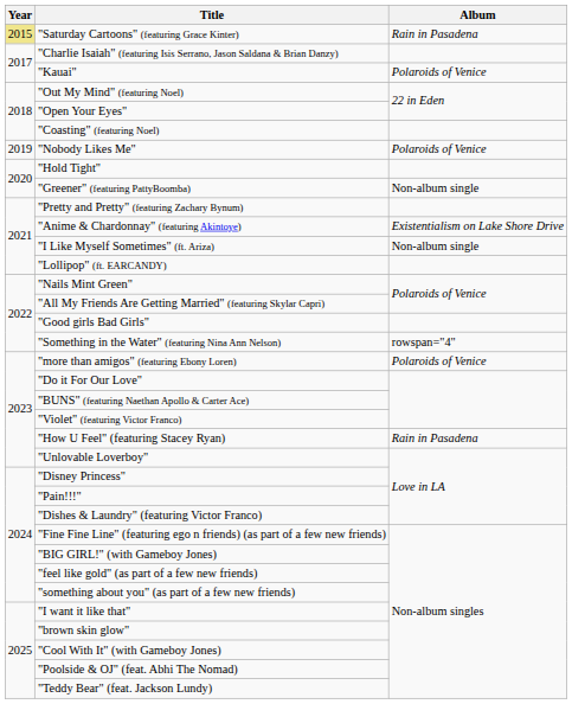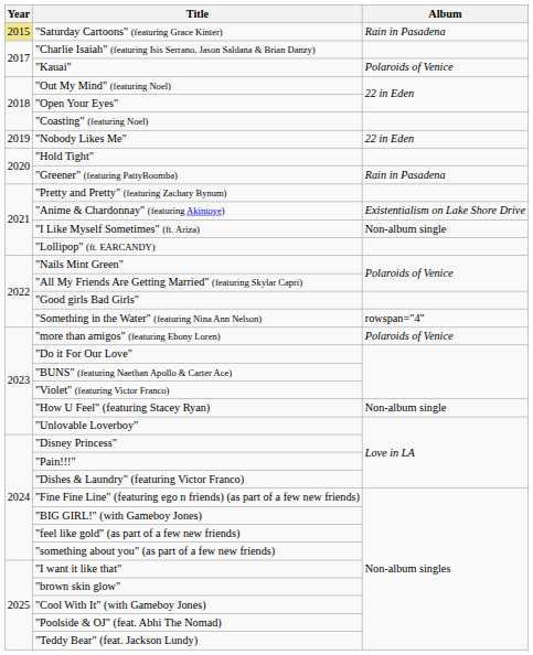 <table class="wikitable">
 <tr>
 <th>Year</th>
 <th>Title</th>
 <th>Album</th>
 </tr>
 <tr>
 <td style="background: khaki;">2015</td>
 <td>"Saturday Cartoons" <small>(featuring Grace Kinter)</small></td>
 <td><em>Rain in Pasadena</em></td>
 </tr>
 <tr>
 <td rowspan="2">2017</td>
 <td>"Charlie Isaiah" <small>(featuring Isis Serrano, Jason Saldana & Brian Danzy)</small></td>
 <td></td>
 </tr>
 <tr>
 <td>"Kauai"</td>
 <td><em>Polaroids of Venice</em></td>
 </tr>
 <tr>
 <td rowspan="3">2018</td>
 <td>"Out My Mind" <small>(featuring Noel)</small></td>
 <td rowspan="2"><em>22 in Eden</em></td>
 </tr>
 <tr>
 <td>"Open Your Eyes"</td>
 </tr>
 <tr>
 <td>"Coasting" <small>(featuring Noel)</small></td>
 <td></td>
 </tr>
 <tr>
 <td>2019</td>
 <td>"Nobody Likes Me"</td>
-<td><em>Polaroids of Venice</em></td>
+<td><em>22 in Eden</em></td>
 </tr>
 <tr>
 <td rowspan="2">2020</td>
 <td>"Hold Tight"</td>
 <td></td>
 </tr>
 <tr>
 <td>"Greener" <small>(featuring PattyBoomba)</small></td>
-<td>Non-album single</td>
+<td><em>Rain in Pasadena</em></td>
 </tr>
 <tr>
 <td rowspan="4">2021</td>
 <td>"Pretty and Pretty" <small>(featuring Zachary Bynum)</small></td>
 <td></td>
 </tr>
 <tr>
 <td>"Anime & Chardonnay" <small>(featuring <a href='#'>Akintoye</a>)</small></td>
 <td><em>Existentialism on Lake Shore Drive</em></td>
 </tr>
 <tr>
 <td>"I Like Myself Sometimes" <small>(ft. Ariza)</small></td>
 <td>Non-album single</td>
 </tr>
 <tr>
 <td>"Lollipop" <small>(ft. EARCANDY)</small></td>
 </tr>
 <tr>
 <td rowspan="4">2022</td>
 <td>"Nails Mint Green"</td>
 <td rowspan="2"><em>Polaroids of Venice</em></td>
 </tr>
 <tr>
 <td>"All My Friends Are Getting Married" <small>(featuring Skylar Capri)</small></td>
 </tr>
 <tr>
 <td>"Good girls Bad Girls"</td>
 <td></td>
 </tr>
 <tr>
 <td>"Something in the Water" <small>(featuring Nina Ann Nelson)</small></td>
 <td>rowspan="4" </td>
 </tr>
 <tr>
 <td rowspan="6">2023</td>
 <td>"more than amigos" <small>(featuring Ebony Loren)</small></td>
 <td><em>Polaroids of Venice</em></td>
 </tr>
 <tr>
 <td>"Do it For Our Love"</td>
 </tr>
 <tr>
 <td>"BUNS" <small>(featuring Naethan Apollo & Carter Ace)</small></td>
 </tr>
 <tr>
 <td>"Violet" <small>(featuring Victor Franco)</small></td>
 </tr>
 <tr>
 <td>"How U Feel" (featuring Stacey Ryan)</td>
-<td><em>Rain in Pasadena</em></td>
+<td>Non-album single</td>
 </tr>
 <tr>
 <td>"Unlovable Loverboy"</td>
 <td rowspan="4"><em>Love in LA</em></td>
 </tr>
 <tr>
 <td rowspan="7">2024</td>
 <td>"Disney Princess"</td>
 </tr>
 <tr>
 <td>"Pain!!!"</td>
 </tr>
 <tr>
 <td>"Dishes & Laundry" (featuring Victor Franco)</td>
 </tr>
 <tr>
 <td>"Fine Fine Line" (featuring ego n friends) (as part of a few new friends)</td>
 <td rowspan="9">Non-album singles</td>
 </tr>
 <tr>
 <td>"BIG GIRL!" (with Gameboy Jones)</td>
 </tr>
 <tr>
 <td>"feel like gold" (as part of a few new friends)</td>
 </tr>
 <tr>
 <td>"something about you" (as part of a few new friends)</td>
 </tr>
 <tr>
 <td rowspan="5">2025</td>
 <td>"I want it like that"</td>
 </tr>
 <tr>
 <td>"brown skin glow"</td>
 </tr>
 <tr>
 <td>"Cool With It" (with Gameboy Jones)</td>
 </tr>
 <tr>
 <td>"Poolside & OJ" (feat. Abhi The Nomad)</td>
 </tr>
 <tr>
 <td>"Teddy Bear" (feat. Jackson Lundy)</td>
 </tr>
 </table>
